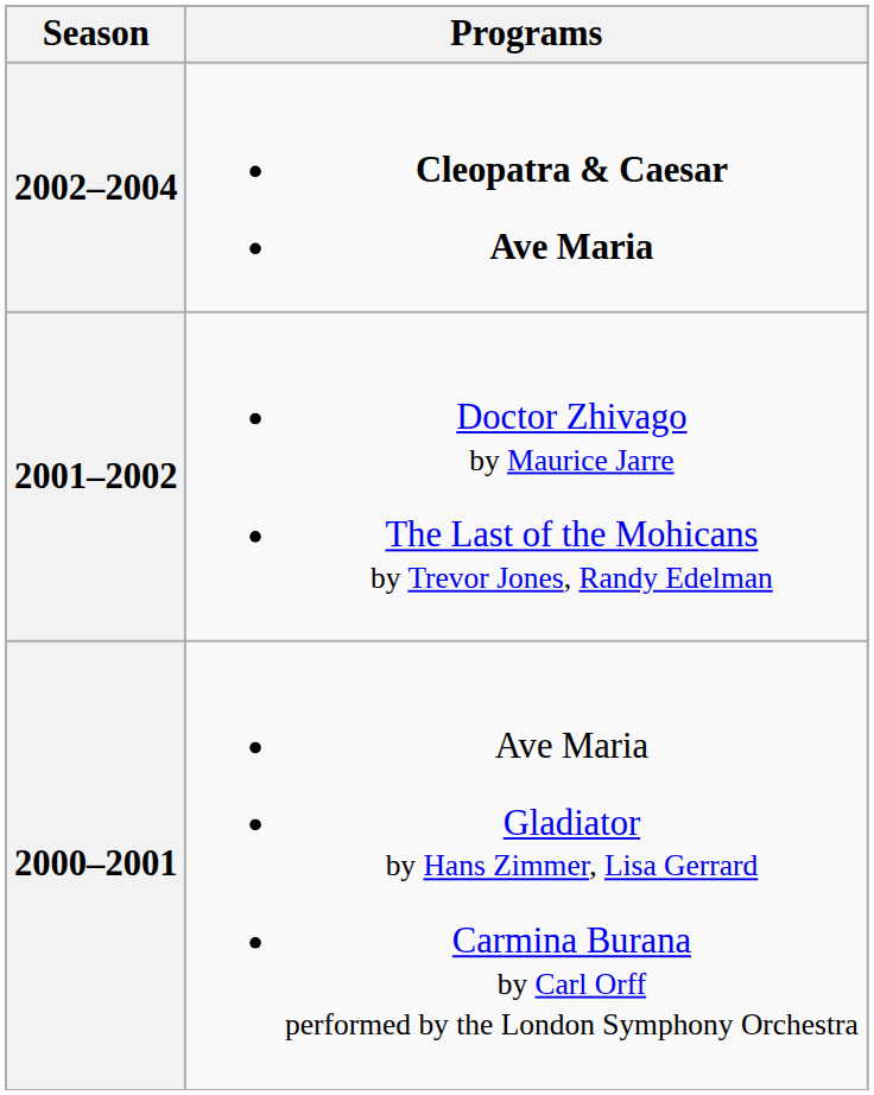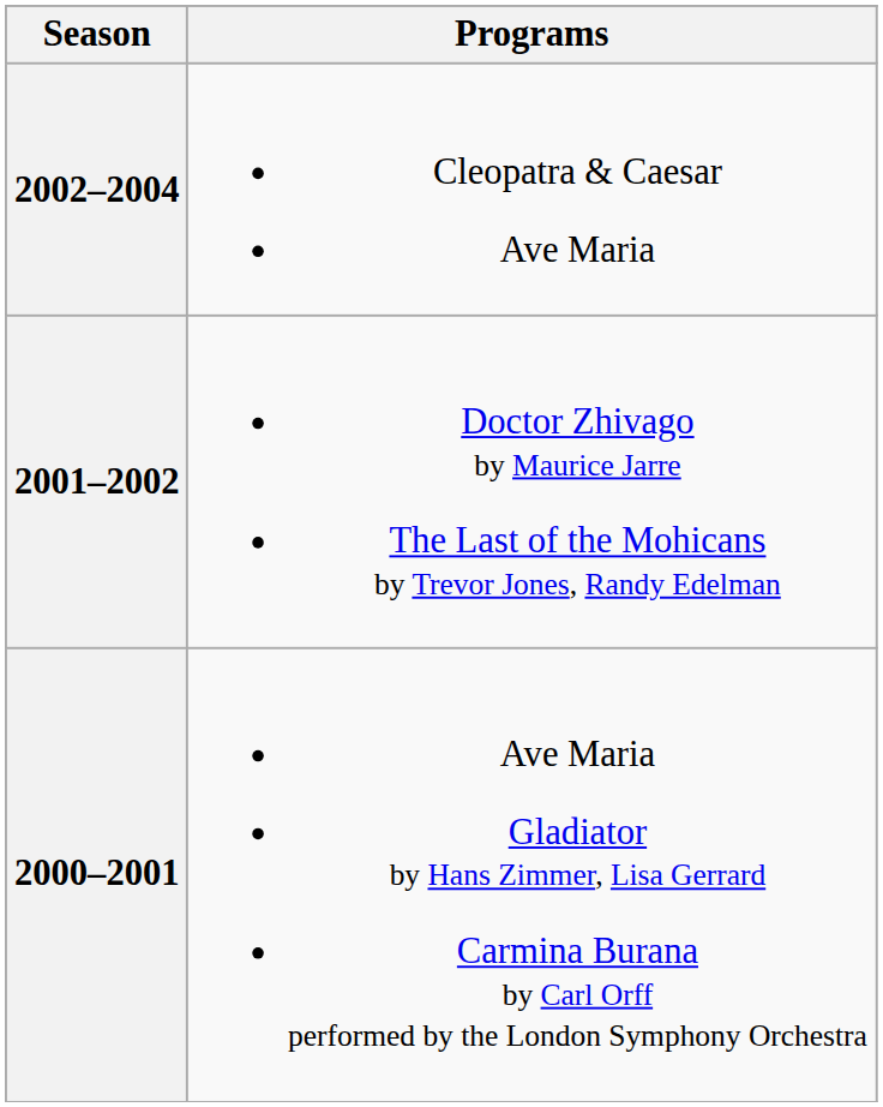 <table class="wikitable" style="text-align:center">
 <tr>
 <th>Season</th>
 <th>Programs</th>
 </tr>
 <tr>
 <th>2002–2004 <br> </th>
-<td><strong><br><ul><li>Cleopatra & Caesar</li></ul><ul><li>Ave Maria</li></ul></strong></td>
+<td><br><ul><li>Cleopatra & Caesar</li></ul><ul><li>Ave Maria</li></ul></td>
 </tr>
 <tr>
 <th>2001–2002 <br> </th>
 <td><br><ul><li><a href='#'>Doctor Zhivago</a> <br><small> by <a href='#'>Maurice Jarre</a> </small></li></ul><ul><li><a href='#'>The Last of the Mohicans</a> <br><small> by <a href='#'>Trevor Jones</a>, <a href='#'>Randy Edelman</a> </small></li></ul></td>
 </tr>
 <tr>
 <th>2000–2001 <br> </th>
 <td><br><ul><li>Ave Maria</li></ul><ul><li><a href='#'>Gladiator</a> <br><small> by <a href='#'>Hans Zimmer</a>, <a href='#'>Lisa Gerrard</a> </small></li></ul><ul><li><a href='#'>Carmina Burana</a> <br><small> by <a href='#'>Carl Orff</a> <br> performed by the London Symphony Orchestra </small></li></ul></td>
 </tr>
 </table>
